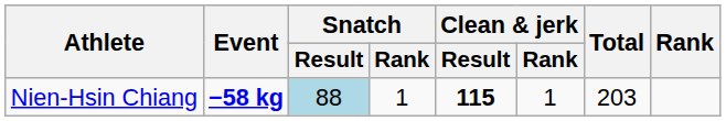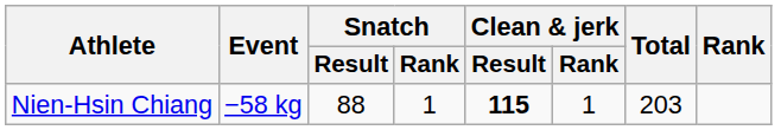 <table class="wikitable" style="font-size:90%">
 <tr>
 <th rowspan="2">Athlete</th>
 <th rowspan="2">Event</th>
 <th colspan="2">Snatch</th>
 <th colspan="2">Clean & jerk</th>
 <th rowspan="2">Total</th>
 <th rowspan="2">Rank</th>
 </tr>
 <tr style="font-size:95%">
 <th>Result</th>
 <th>Rank</th>
 <th>Result</th>
 <th>Rank</th>
 </tr>
 <tr align=center>
 <td align=left><a href='#'>Nien-Hsin Chiang</a></td>
-<td align=left><strong><a href='#'>−58 kg</a></strong></td>
-<td style="background: lightblue;">88</td>
+<td align=left><a href='#'>−58 kg</a></td>
+<td>88</td>
 <td>1</td>
 <td><strong>115</strong></td>
 <td>1</td>
 <td>203</td>
 <td></td>
 </tr>
 </table>
